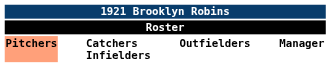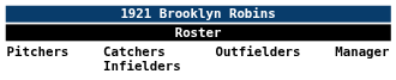 <table class="toccolours" style="font-size: 95%;">
 <tr>
 <th colspan="10" style="background-color: #083c6b; color: white; text-align: center;">1921 Brooklyn Robins</th>
 </tr>
 <tr>
 <td colspan="10" style="background-color: black; color: white; text-align: center;"><strong>Roster</strong></td>
 </tr>
 <tr>
-<td valign="top" style="background: lightsalmon;"><strong>Pitchers</strong><br>           </td>
+<td valign="top"><strong>Pitchers</strong><br>           </td>
 <td width="25px"></td>
 <td valign="top"><strong>Catchers</strong><br>   <strong>Infielders</strong>        </td>
 <td width="25px"></td>
 <td valign="top"><strong>Outfielders</strong><br>      </td>
 <td width="25px"></td>
 <td valign="top"><strong>Manager</strong><br></td>
 </tr>
 </table>
